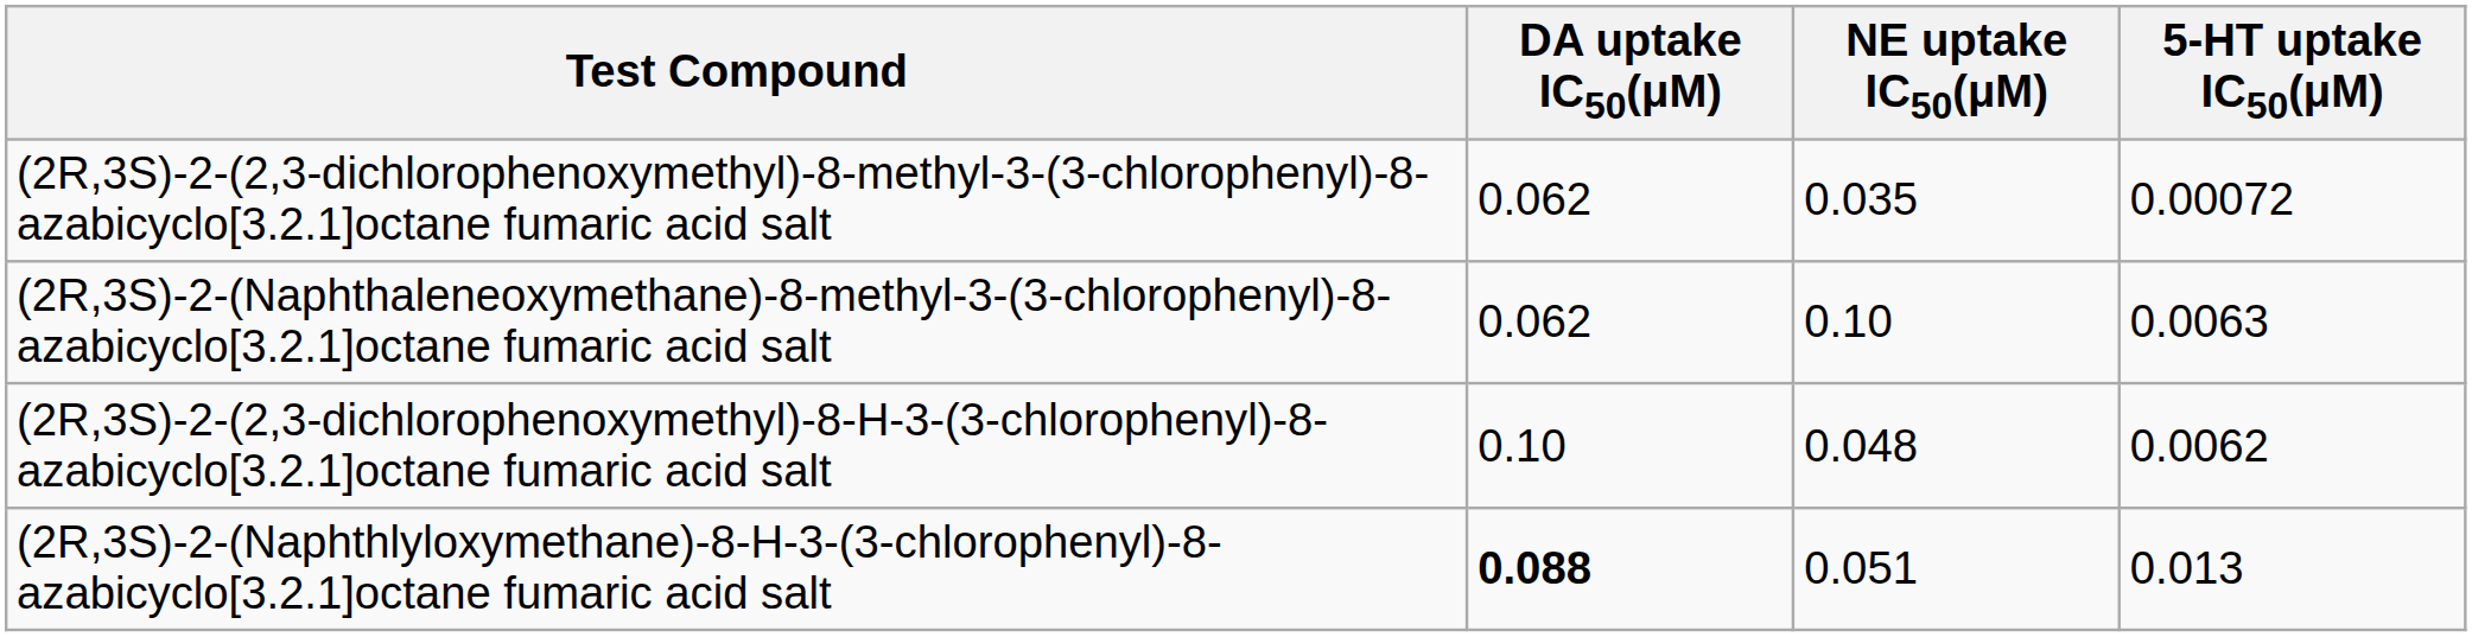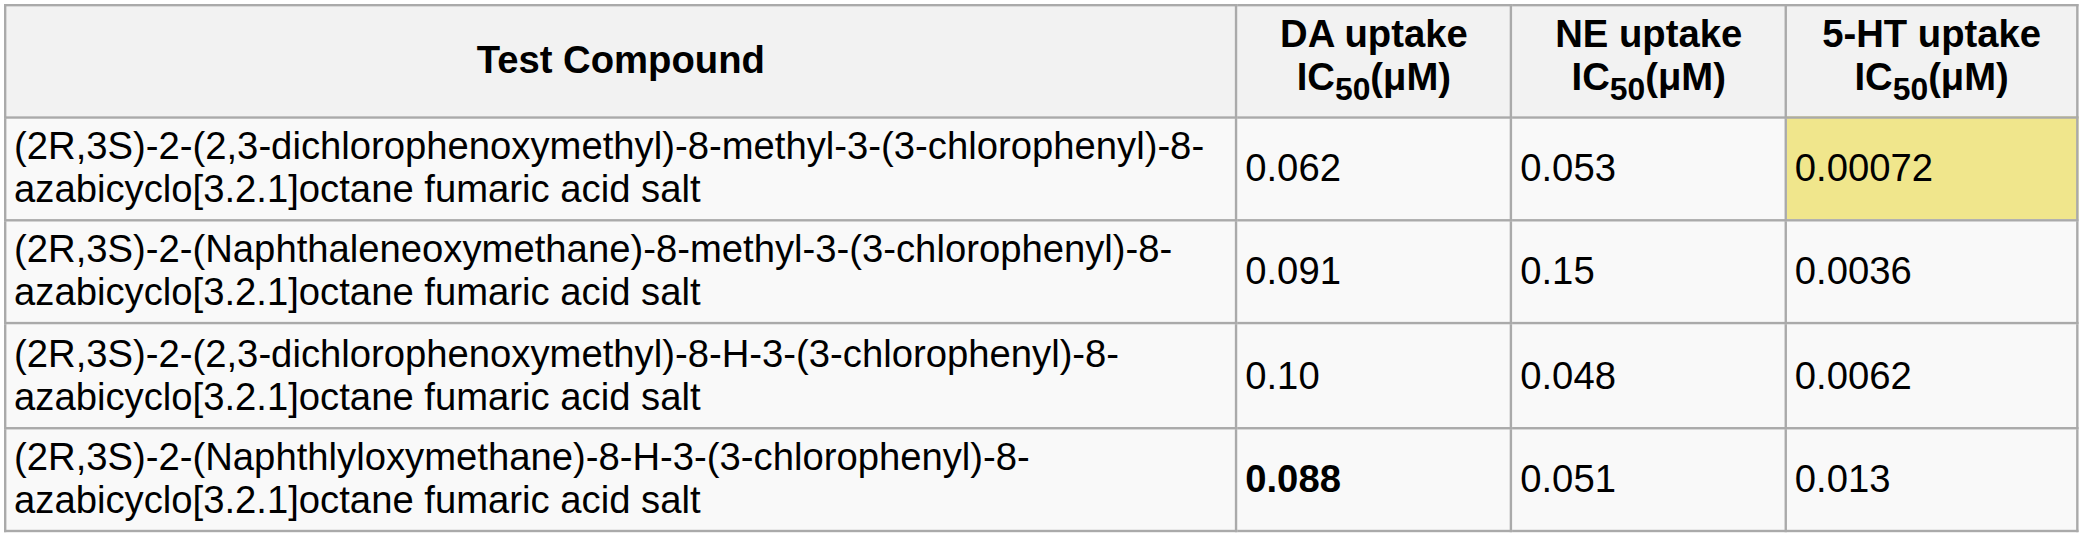 <table class="wikitable">
 <tr>
 <th>Test Compound</th>
 <th>DA uptake IC<sub>50</sub>(μM)</th>
 <th>NE uptake IC<sub>50</sub>(μM)</th>
 <th>5-HT uptake IC<sub>50</sub>(μM)</th>
 </tr>
 <tr>
 <td>(2R,3S)-2-(2,3-dichlorophenoxymethyl)-8-methyl-3-(3-chlorophenyl)-8-azabicyclo[3.2.1]octane fumaric acid salt</td>
 <td>0.062</td>
-<td>0.035</td>
-<td>0.00072</td>
+<td>0.053</td>
+<td style="background: khaki;">0.00072</td>
 </tr>
 <tr>
 <td>(2R,3S)-2-(Naphthaleneoxymethane)-8-methyl-3-(3-chlorophenyl)-8-azabicyclo[3.2.1]octane fumaric acid salt</td>
-<td>0.062</td>
-<td>0.10</td>
-<td>0.0063</td>
+<td>0.091</td>
+<td>0.15</td>
+<td>0.0036</td>
 </tr>
 <tr>
 <td>(2R,3S)-2-(2,3-dichlorophenoxymethyl)-8-H-3-(3-chlorophenyl)-8-azabicyclo[3.2.1]octane fumaric acid salt</td>
 <td>0.10</td>
 <td>0.048</td>
 <td>0.0062</td>
 </tr>
 <tr>
 <td>(2R,3S)-2-(Naphthlyloxymethane)-8-H-3-(3-chlorophenyl)-8-azabicyclo[3.2.1]octane fumaric acid salt</td>
 <td><strong>0.088</strong></td>
 <td>0.051</td>
 <td>0.013</td>
 </tr>
 </table>
